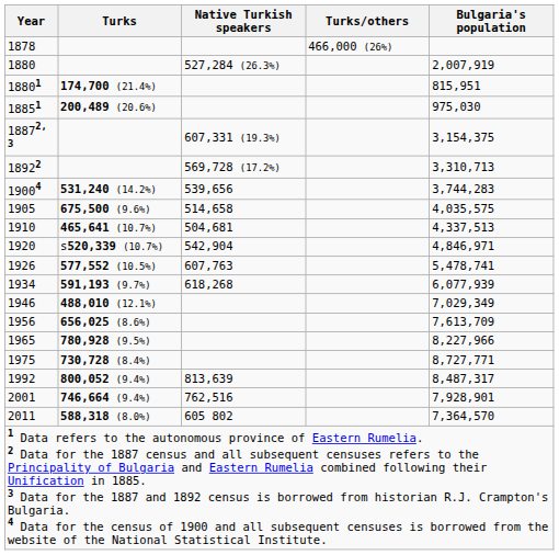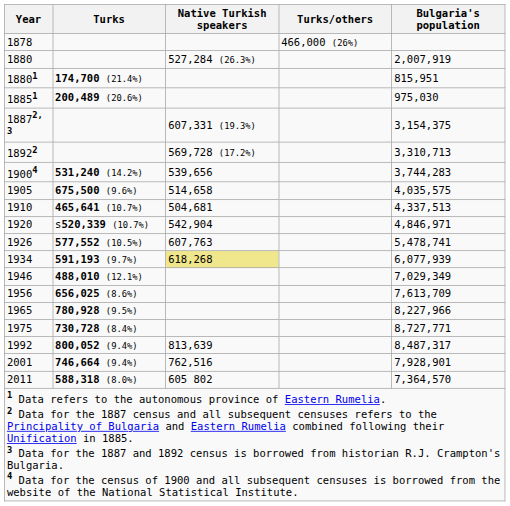 <table class="wikitable">
 <tr>
 <th style="width:40pt;">Year</th>
 <th style="width:100pt;">Turks</th>
 <th style="width:100pt;">Native Turkish speakers</th>
 <th style="width:100pt;">Turks/others</th>
 <th style="width:100pt;">Bulgaria's population</th>
 </tr>
 <tr>
 <td>1878</td>
 <td></td>
 <td></td>
 <td>466,000 <small>(26%)</small></td>
 <td></td>
 </tr>
 <tr>
 <td>1880</td>
 <td></td>
 <td>527,284 <small>(26.3%)</small></td>
 <td></td>
 <td>2,007,919</td>
 </tr>
 <tr>
 <td>1880<sup><strong>1</strong></sup></td>
 <td><strong>174,700</strong>  <small>(21.4%)</small></td>
 <td></td>
 <td></td>
 <td>815,951</td>
 </tr>
 <tr>
 <td>1885<sup><strong>1</strong></sup></td>
 <td><strong>200,489</strong> <small>(20.6%)</small></td>
 <td></td>
 <td></td>
 <td>975,030</td>
 </tr>
 <tr>
 <td>1887<sup><strong>2, 3</strong></sup></td>
 <td></td>
 <td>607,331 <small>(19.3%)</small></td>
 <td></td>
 <td>3,154,375</td>
 </tr>
 <tr>
 <td>1892<sup><strong>2</strong></sup></td>
 <td></td>
 <td>569,728  <small>(17.2%)</small></td>
 <td></td>
 <td>3,310,713</td>
 </tr>
 <tr>
 <td>1900<sup><strong>4</strong></sup></td>
 <td><strong>531,240</strong>  <small>(14.2%)</small></td>
 <td>539,656</td>
 <td></td>
 <td>3,744,283</td>
 </tr>
 <tr>
 <td>1905</td>
 <td><strong>675,500</strong>  <small>(9.6%)</small></td>
 <td>514,658</td>
 <td></td>
 <td>4,035,575</td>
 </tr>
 <tr>
 <td>1910</td>
 <td><strong>465,641</strong>  <small>(10.7%)</small></td>
 <td>504,681</td>
 <td></td>
 <td>4,337,513</td>
 </tr>
 <tr>
 <td>1920</td>
 <td>s<strong>520,339</strong>  <small>(10.7%)</small></td>
 <td>542,904</td>
 <td></td>
 <td>4,846,971</td>
 </tr>
 <tr>
 <td>1926</td>
 <td><strong>577,552</strong>  <small>(10.5%)</small></td>
 <td>607,763</td>
 <td></td>
 <td>5,478,741</td>
 </tr>
 <tr>
 <td>1934</td>
 <td><strong>591,193</strong>  <small>(9.7%)</small></td>
-<td>618,268</td>
+<td style="background: khaki;">618,268</td>
 <td></td>
 <td>6,077,939</td>
 </tr>
 <tr>
 <td>1946</td>
 <td><strong>488,010</strong>  <small>(12.1%)</small></td>
 <td></td>
 <td></td>
 <td>7,029,349</td>
 </tr>
 <tr>
 <td>1956</td>
 <td><strong>656,025</strong>  <small>(8.6%)</small></td>
 <td></td>
 <td></td>
 <td>7,613,709</td>
 </tr>
 <tr>
 <td>1965</td>
 <td><strong>780,928</strong>  <small>(9.5%)</small></td>
 <td></td>
 <td></td>
 <td>8,227,966</td>
 </tr>
 <tr>
 <td>1975</td>
 <td><strong>730,728</strong>  <small>(8.4%)</small></td>
 <td></td>
 <td></td>
 <td>8,727,771</td>
 </tr>
 <tr>
 <td>1992</td>
 <td><strong>800,052</strong> <small>(9.4%)</small></td>
 <td>813,639</td>
 <td></td>
 <td>8,487,317</td>
 </tr>
 <tr>
 <td>2001</td>
 <td><strong>746,664</strong> <small>(9.4%)</small></td>
 <td>762,516</td>
 <td></td>
 <td>7,928,901</td>
 </tr>
 <tr>
 <td>2011</td>
 <td><strong>588,318</strong> <small>(8.0%)</small></td>
 <td>605 802</td>
 <td></td>
 <td>7,364,570</td>
 </tr>
 <tr>
 <td colspan=5><sup><strong>1</strong></sup> Data refers to the autonomous province of <a href='#'>Eastern Rumelia</a>.<br><sup><strong>2</strong></sup> Data for the 1887 census and all subsequent censuses refers to the <a href='#'>Principality of Bulgaria</a> and <a href='#'>Eastern Rumelia</a> combined following their <a href='#'>Unification</a> in 1885.<br><sup><strong>3</strong></sup> Data for the 1887 and 1892 census is borrowed from historian R.J. Crampton's Bulgaria.<br><sup><strong>4</strong></sup> Data for the census of 1900 and all subsequent censuses is borrowed from the website of the National Statistical Institute.</td>
 </tr>
 </table>
